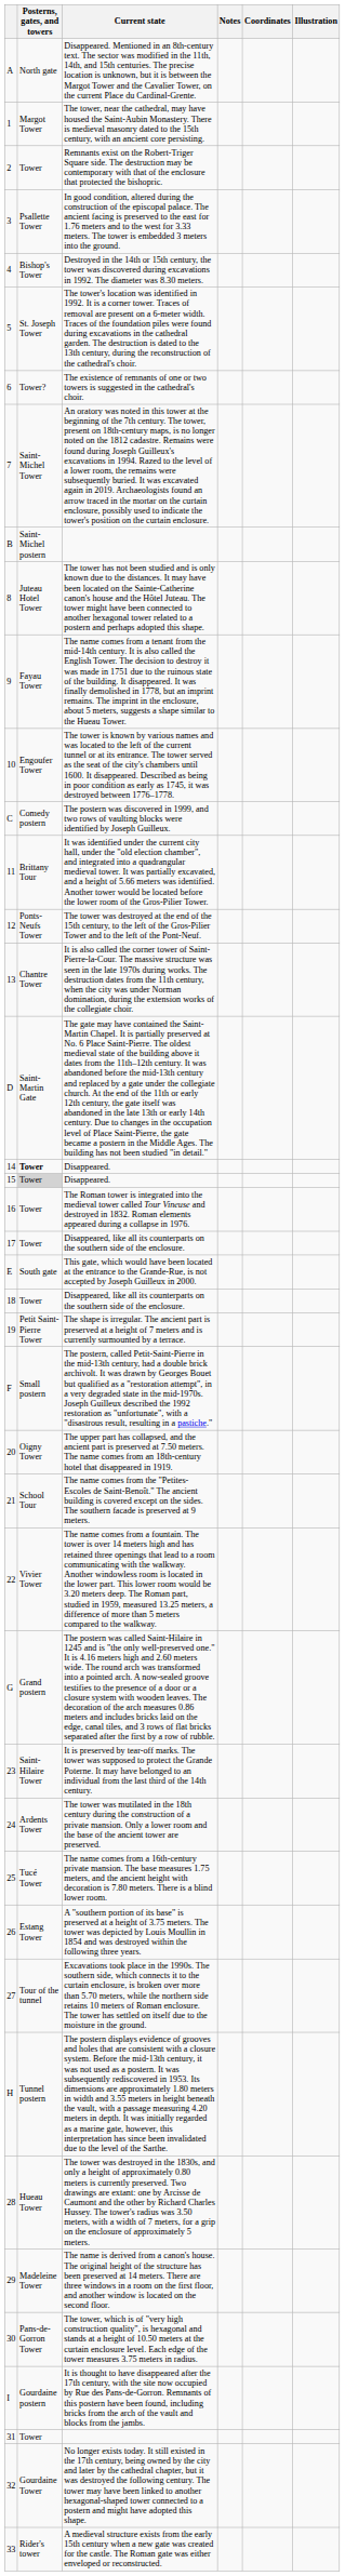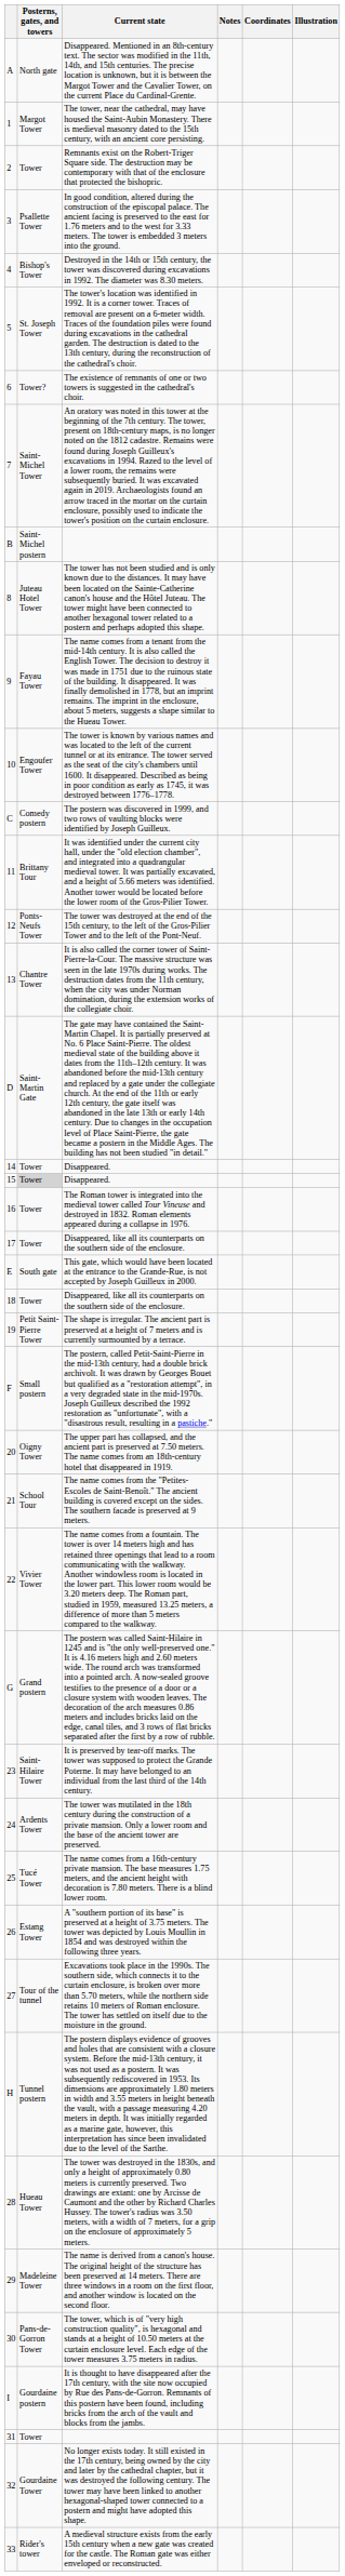 <table class="wikitable">
 <tr>
 <th></th>
 <th>Posterns, gates, and towers</th>
 <th>Current state</th>
 <th>Notes</th>
 <th>Coordinates</th>
 <th>Illustration</th>
 </tr>
 <tr>
 <td>A</td>
 <td>North gate</td>
 <td>Disappeared. Mentioned in an 8th-century text. The sector was modified in the 11th, 14th, and 15th centuries. The precise location is unknown, but it is between the Margot Tower and the Cavalier Tower, on the current Place du Cardinal-Grente.</td>
 <td></td>
 <td></td>
 <td></td>
 </tr>
 <tr>
 <td>1</td>
 <td>Margot Tower</td>
 <td>The tower, near the cathedral, may have housed the Saint-Aubin Monastery. There is medieval masonry dated to the 15th century, with an ancient core persisting.</td>
 <td></td>
 <td></td>
 <td></td>
 </tr>
 <tr>
 <td>2</td>
 <td>Tower</td>
 <td>Remnants exist on the Robert-Triger Square side. The destruction may be contemporary with that of the enclosure that protected the bishopric.</td>
 <td></td>
 <td></td>
 <td></td>
 </tr>
 <tr>
 <td>3</td>
 <td>Psallette Tower</td>
 <td>In good condition, altered during the construction of the episcopal palace. The ancient facing is preserved to the east for 1.76 meters and to the west for 3.33 meters. The tower is embedded 3 meters into the ground.</td>
 <td></td>
 <td></td>
 <td></td>
 </tr>
 <tr>
 <td>4</td>
 <td>Bishop's Tower</td>
 <td>Destroyed in the 14th or 15th century, the tower was discovered during excavations in 1992. The diameter was 8.30 meters.</td>
 <td></td>
 <td></td>
 <td></td>
 </tr>
 <tr>
 <td>5</td>
 <td>St. Joseph Tower</td>
 <td>The tower's location was identified in 1992. It is a corner tower. Traces of removal are present on a 6-meter width. Traces of the foundation piles were found during excavations in the cathedral garden. The destruction is dated to the 13th century, during the reconstruction of the cathedral's choir.</td>
 <td></td>
 <td></td>
 <td></td>
 </tr>
 <tr>
 <td>6</td>
 <td>Tower?</td>
 <td>The existence of remnants of one or two towers is suggested in the cathedral's choir.</td>
 <td></td>
 <td></td>
 <td></td>
 </tr>
 <tr>
 <td>7</td>
 <td>Saint-Michel Tower</td>
 <td>An oratory was noted in this tower at the beginning of the 7th century. The tower, present on 18th-century maps, is no longer noted on the 1812 cadastre. Remains were found during Joseph Guilleux's excavations in 1994. Razed to the level of a lower room, the remains were subsequently buried. It was excavated again in 2019. Archaeologists found an arrow traced in the mortar on the curtain enclosure, possibly used to indicate the tower's position on the curtain enclosure.</td>
 <td></td>
 <td></td>
 <td></td>
 </tr>
 <tr>
 <td>B</td>
 <td>Saint-Michel postern</td>
 <td></td>
 <td></td>
 <td></td>
 <td></td>
 </tr>
 <tr>
 <td>8</td>
 <td>Juteau Hotel Tower</td>
 <td>The tower has not been studied and is only known due to the distances. It may have been located on the Sainte-Catherine canon's house and the Hôtel Juteau. The tower might have been connected to another hexagonal tower related to a postern and perhaps adopted this shape.</td>
 <td></td>
 <td></td>
 <td></td>
 </tr>
 <tr>
 <td>9</td>
 <td>Fayau Tower</td>
 <td>The name comes from a tenant from the mid-14th century. It is also called the English Tower. The decision to destroy it was made in 1751 due to the ruinous state of the building. It disappeared. It was finally demolished in 1778, but an imprint remains. The imprint in the enclosure, about 5 meters, suggests a shape similar to the Hueau Tower.</td>
 <td></td>
 <td></td>
 <td></td>
 </tr>
 <tr>
 <td>10</td>
 <td>Engoufer Tower</td>
 <td>The tower is known by various names and was located to the left of the current tunnel or at its entrance. The tower served as the seat of the city's chambers until 1600. It disappeared. Described as being in poor condition as early as 1745, it was destroyed between 1776–1778.</td>
 <td></td>
 <td></td>
 <td></td>
 </tr>
 <tr>
 <td>C</td>
 <td>Comedy postern</td>
 <td>The postern was discovered in 1999, and two rows of vaulting blocks were identified by Joseph Guilleux.</td>
 <td></td>
 <td></td>
 <td></td>
 </tr>
 <tr>
 <td>11</td>
 <td>Brittany Tour</td>
 <td>It was identified under the current city hall, under the "old election chamber", and integrated into a quadrangular medieval tower. It was partially excavated, and a height of 5.66 meters was identified. Another tower would be located before the lower room of the Gros-Pilier Tower.</td>
 <td></td>
 <td></td>
 <td></td>
 </tr>
 <tr>
 <td>12</td>
 <td>Ponts-Neufs Tower</td>
 <td>The tower was destroyed at the end of the 15th century, to the left of the Gros-Pilier Tower and to the left of the Pont-Neuf.</td>
 <td></td>
 <td></td>
 <td></td>
 </tr>
 <tr>
 <td>13</td>
 <td>Chantre Tower</td>
 <td>It is also called the corner tower of Saint-Pierre-la-Cour. The massive structure was seen in the late 1970s during works. The destruction dates from the 11th century, when the city was under Norman domination, during the extension works of the collegiate choir.</td>
 <td></td>
 <td></td>
 <td></td>
 </tr>
 <tr>
 <td>D</td>
 <td>Saint-Martin Gate</td>
 <td>The gate may have contained the Saint-Martin Chapel. It is partially preserved at No. 6 Place Saint-Pierre. The oldest medieval state of the building above it dates from the 11th–12th century. It was abandoned before the mid-13th century and replaced by a gate under the collegiate church. At the end of the 11th or early 12th century, the gate itself was abandoned in the late 13th or early 14th century. Due to changes in the occupation level of Place Saint-Pierre, the gate became a postern in the Middle Ages. The building has not been studied "in detail."</td>
 <td></td>
 <td></td>
 <td></td>
 </tr>
 <tr>
 <td>14</td>
-<td><strong>Tower</strong></td>
+<td>Tower</td>
 <td>Disappeared.</td>
 <td></td>
 <td></td>
 <td></td>
 </tr>
 <tr>
 <td>15</td>
 <td style="background: lightgrey;">Tower</td>
 <td>Disappeared.</td>
 <td></td>
 <td></td>
 <td></td>
 </tr>
 <tr>
 <td>16</td>
 <td>Tower</td>
 <td>The Roman tower is integrated into the medieval tower called <em>Tour Vineuse</em> and destroyed in 1832. Roman elements appeared during a collapse in 1976.</td>
 <td></td>
 <td></td>
 <td></td>
 </tr>
 <tr>
 <td>17</td>
 <td>Tower</td>
 <td>Disappeared, like all its counterparts on the southern side of the enclosure.</td>
 <td></td>
 <td></td>
 <td></td>
 </tr>
 <tr>
 <td>E</td>
 <td>South gate</td>
 <td>This gate, which would have been located at the entrance to the Grande-Rue, is not accepted by Joseph Guilleux in 2000.</td>
 <td></td>
 <td></td>
 <td></td>
 </tr>
 <tr>
 <td>18</td>
 <td>Tower</td>
 <td>Disappeared, like all its counterparts on the southern side of the enclosure.</td>
 <td></td>
 <td></td>
 <td></td>
 </tr>
 <tr>
 <td>19</td>
 <td>Petit Saint-Pierre Tower</td>
 <td>The shape is irregular. The ancient part is preserved at a height of 7 meters and is currently surmounted by a terrace.</td>
 <td></td>
 <td></td>
 <td></td>
 </tr>
 <tr>
 <td>F</td>
 <td>Small postern</td>
 <td>The postern, called Petit-Saint-Pierre in the mid-13th century, had a double brick archivolt. It was drawn by Georges Bouet but qualified as a "restoration attempt", in a very degraded state in the mid-1970s. Joseph Guilleux described the 1992 restoration as "unfortunate", with a "disastrous result, resulting in a <a href='#'>pastiche</a>."</td>
 <td></td>
 <td></td>
 <td></td>
 </tr>
 <tr>
 <td>20</td>
 <td>Oigny Tower</td>
 <td>The upper part has collapsed, and the ancient part is preserved at 7.50 meters. The name comes from an 18th-century hotel that disappeared in 1919.</td>
 <td></td>
 <td></td>
 <td></td>
 </tr>
 <tr>
 <td>21</td>
 <td>School Tour</td>
 <td>The name comes from the "Petites-Escoles de Saint-Benoît." The ancient building is covered except on the sides. The southern facade is preserved at 9 meters.</td>
 <td></td>
 <td></td>
 <td></td>
 </tr>
 <tr>
 <td>22</td>
 <td>Vivier Tower</td>
 <td>The name comes from a fountain. The tower is over 14 meters high and has retained three openings that lead to a room communicating with the walkway. Another windowless room is located in the lower part. This lower room would be 3.20 meters deep. The Roman part, studied in 1959, measured 13.25 meters, a difference of more than 5 meters compared to the walkway.</td>
 <td></td>
 <td></td>
 <td></td>
 </tr>
 <tr>
 <td>G</td>
 <td>Grand postern</td>
 <td>The postern was called Saint-Hilaire in 1245 and is "the only well-preserved one." It is 4.16 meters high and 2.60 meters wide. The round arch was transformed into a pointed arch. A now-sealed groove testifies to the presence of a door or a closure system with wooden leaves. The decoration of the arch measures 0.86 meters and includes bricks laid on the edge, canal tiles, and 3 rows of flat bricks separated after the first by a row of rubble.</td>
 <td></td>
 <td></td>
 <td></td>
 </tr>
 <tr>
 <td>23</td>
 <td>Saint-Hilaire Tower</td>
 <td>It is preserved by tear-off marks. The tower was supposed to protect the Grande Poterne. It may have belonged to an individual from the last third of the 14th century.</td>
 <td></td>
 <td></td>
 <td></td>
 </tr>
 <tr>
 <td>24</td>
 <td>Ardents Tower</td>
 <td>The tower was mutilated in the 18th century during the construction of a private mansion. Only a lower room and the base of the ancient tower are preserved.</td>
 <td></td>
 <td></td>
 <td></td>
 </tr>
 <tr>
 <td>25</td>
 <td>Tucé Tower</td>
 <td>The name comes from a 16th-century private mansion. The base measures 1.75 meters, and the ancient height with decoration is 7.80 meters. There is a blind lower room.</td>
 <td></td>
 <td></td>
 <td></td>
 </tr>
 <tr>
 <td>26</td>
 <td>Estang Tower</td>
 <td>A "southern portion of its base" is preserved at a height of 3.75 meters. The tower was depicted by Louis Moullin in 1854 and was destroyed within the following three years.</td>
 <td></td>
 <td></td>
 <td></td>
 </tr>
 <tr>
 <td>27</td>
 <td>Tour of the tunnel</td>
 <td>Excavations took place in the 1990s. The southern side, which connects it to the curtain enclosure, is broken over more than 5.70 meters, while the northern side retains 10 meters of Roman enclosure. The tower has settled on itself due to the moisture in the ground.</td>
 <td></td>
 <td></td>
 <td></td>
 </tr>
 <tr>
 <td>H</td>
 <td>Tunnel postern</td>
 <td>The postern displays evidence of grooves and holes that are consistent with a closure system. Before the mid-13th century, it was not used as a postern. It was subsequently rediscovered in 1953. Its dimensions are approximately 1.80 meters in width and 3.55 meters in height beneath the vault, with a passage measuring 4.20 meters in depth. It was initially regarded as a marine gate, however, this interpretation has since been invalidated due to the level of the Sarthe.</td>
 <td></td>
 <td></td>
 <td></td>
 </tr>
 <tr>
 <td>28</td>
 <td>Hueau Tower</td>
 <td>The tower was destroyed in the 1830s, and only a height of approximately 0.80 meters is currently preserved. Two drawings are extant: one by Arcisse de Caumont and the other by Richard Charles Hussey. The tower's radius was 3.50 meters, with a width of 7 meters, for a grip on the enclosure of approximately 5 meters.</td>
 <td></td>
 <td></td>
 <td></td>
 </tr>
 <tr>
 <td>29</td>
 <td>Madeleine Tower</td>
 <td>The name is derived from a canon's house. The original height of the structure has been preserved at 14 meters. There are three windows in a room on the first floor, and another window is located on the second floor.</td>
 <td></td>
 <td></td>
 <td></td>
 </tr>
 <tr>
 <td>30</td>
 <td>Pans-de-Gorron Tower</td>
 <td>The tower, which is of "very high construction quality", is hexagonal and stands at a height of 10.50 meters at the curtain enclosure level. Each edge of the tower measures 3.75 meters in radius.</td>
 <td></td>
 <td></td>
 <td></td>
 </tr>
 <tr>
 <td>I</td>
 <td>Gourdaine postern</td>
 <td>It is thought to have disappeared after the 17th century, with the site now occupied by Rue des Pans-de-Gorron. Remnants of this postern have been found, including bricks from the arch of the vault and blocks from the jambs.</td>
 <td></td>
 <td></td>
 <td></td>
 </tr>
 <tr>
 <td>31</td>
 <td>Tower</td>
 <td></td>
 <td></td>
 <td></td>
 <td></td>
 </tr>
 <tr>
 <td>32</td>
 <td>Gourdaine Tower</td>
 <td>No longer exists today. It still existed in the 17th century, being owned by the city and later by the cathedral chapter, but it was destroyed the following century. The tower may have been linked to another hexagonal-shaped tower connected to a postern and might have adopted this shape.</td>
 <td></td>
 <td></td>
 <td></td>
 </tr>
 <tr>
 <td>33</td>
 <td>Rider's tower</td>
 <td>A medieval structure exists from the early 15th century when a new gate was created for the castle. The Roman gate was either enveloped or reconstructed.</td>
 <td></td>
 <td></td>
 <td></td>
 </tr>
 </table>
